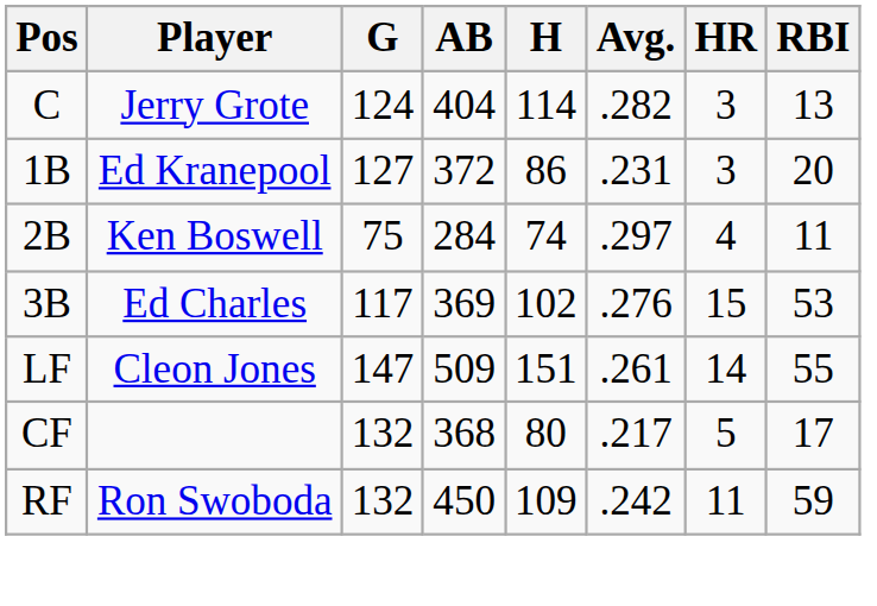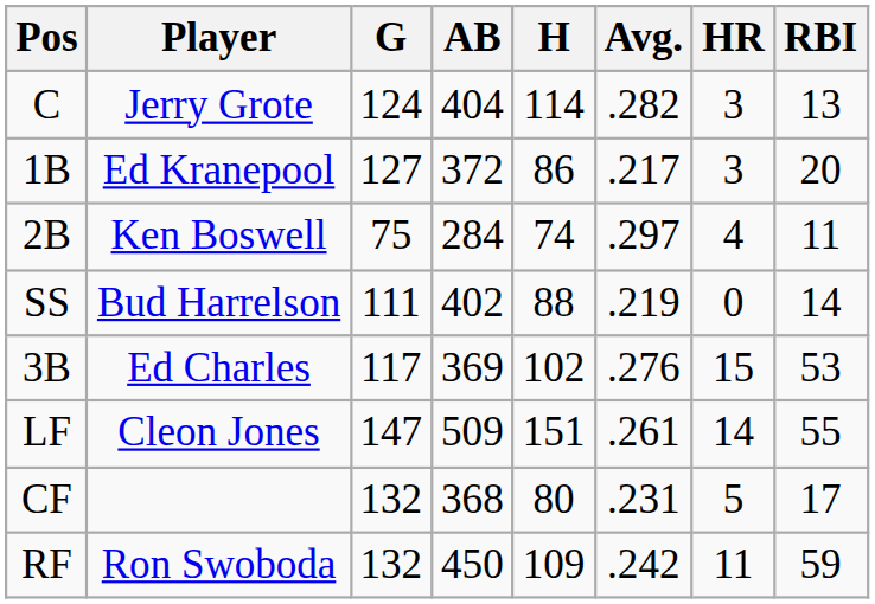 <table class="wikitable sortable">
 <tr>
 <th>Pos</th>
 <th>Player</th>
 <th>G</th>
 <th>AB</th>
 <th>H</th>
 <th>Avg.</th>
 <th>HR</th>
 <th>RBI</th>
 </tr>
 <tr align="center">
 <td>C</td>
 <td><a href='#'>Jerry Grote</a></td>
 <td>124</td>
 <td>404</td>
 <td>114</td>
 <td>.282</td>
 <td>3</td>
 <td>13</td>
 </tr>
 <tr align=center>
 <td>1B</td>
 <td><a href='#'>Ed Kranepool</a></td>
 <td>127</td>
 <td>372</td>
 <td>86</td>
-<td>.231</td>
+<td>.217</td>
 <td>3</td>
 <td>20</td>
 </tr>
 <tr align=center>
 <td>2B</td>
 <td><a href='#'>Ken Boswell</a></td>
 <td>75</td>
 <td>284</td>
 <td>74</td>
 <td>.297</td>
 <td>4</td>
 <td>11</td>
+</tr>
+<tr align=center>
+<td>SS</td>
+<td><a href='#'>Bud Harrelson</a></td>
+<td>111</td>
+<td>402</td>
+<td>88</td>
+<td>.219</td>
+<td>0</td>
+<td>14</td>
 </tr>
 <tr align=center>
 <td>3B</td>
 <td><a href='#'>Ed Charles</a></td>
 <td>117</td>
 <td>369</td>
 <td>102</td>
 <td>.276</td>
 <td>15</td>
 <td>53</td>
 </tr>
 <tr align=center>
 <td>LF</td>
 <td><a href='#'>Cleon Jones</a></td>
 <td>147</td>
 <td>509</td>
 <td>151</td>
 <td>.261</td>
 <td>14</td>
 <td>55</td>
 </tr>
 <tr align=center>
 <td>CF</td>
 <td></td>
 <td>132</td>
 <td>368</td>
 <td>80</td>
-<td>.217</td>
+<td>.231</td>
 <td>5</td>
 <td>17</td>
 </tr>
 <tr align="center">
 <td>RF</td>
 <td><a href='#'>Ron Swoboda</a></td>
 <td>132</td>
 <td>450</td>
 <td>109</td>
 <td>.242</td>
 <td>11</td>
 <td>59</td>
 </tr>
 </table>
